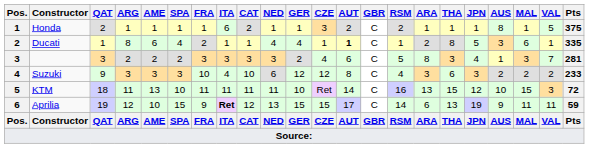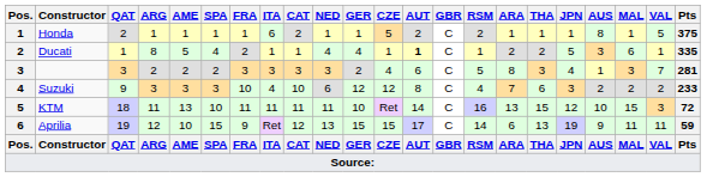 <table class="wikitable" style="font-size: 85%; text-align:center">
 <tr valign="top">
 <th valign="middle">Pos.</th>
 <th valign="middle">Constructor</th>
 <th><a href='#'>QAT</a><br></th>
 <th><a href='#'>ARG</a><br></th>
 <th><a href='#'>AME</a><br></th>
 <th><a href='#'>SPA</a><br></th>
 <th><a href='#'>FRA</a><br></th>
 <th><a href='#'>ITA</a><br></th>
 <th><a href='#'>CAT</a><br></th>
 <th><a href='#'>NED</a><br></th>
 <th><a href='#'>GER</a><br></th>
 <th><a href='#'>CZE</a><br></th>
 <th><a href='#'>AUT</a><br></th>
 <th><a href='#'>GBR</a><br></th>
 <th><a href='#'>RSM</a><br></th>
 <th><a href='#'>ARA</a><br></th>
 <th><a href='#'>THA</a><br></th>
 <th><a href='#'>JPN</a><br></th>
 <th><a href='#'>AUS</a><br></th>
 <th><a href='#'>MAL</a><br></th>
 <th><a href='#'>VAL</a><br></th>
 <th valign="middle">Pts</th>
 </tr>
 <tr>
 <th>1</th>
 <td align="left"> <a href='#'>Honda</a></td>
 <td style="background:#dfdfdf;">2</td>
 <td style="background:#ffffbf;">1</td>
 <td style="background:#ffffbf;">1</td>
 <td style="background:#ffffbf;">1</td>
 <td style="background:#ffffbf;">1</td>
 <td style="background:#dfffdf;">6</td>
 <td style="background:#dfdfdf;:">2</td>
 <td style="background:#ffffbf;">1</td>
 <td style="background:#ffffbf;">1</td>
-<td style="background:#ffdf9f;">3</td>
+<td style="background:#ffdf9f;">5</td>
 <td style="background:#dfdfdf;:">2</td>
 <td style="background:#ffffff;">C</td>
 <td style="background:#dfdfdf;">2</td>
 <td style="background:#ffffbf;">1</td>
 <td style="background:#ffffbf;">1</td>
 <td style="background:#ffffbf;">1</td>
 <td style="background:#dfffdf;">8</td>
 <td style="background:#ffffbf;">1</td>
 <td style="background:#dfffdf;">5</td>
 <th>375</th>
 </tr>
 <tr>
 <th>2</th>
 <td align="left"> <a href='#'>Ducati</a></td>
 <td style="background:#ffffbf;">1</td>
 <td style="background:#dfffdf;">8</td>
-<td style="background:#dfffdf;">6</td>
+<td style="background:#dfffdf;">5</td>
 <td style="background:#dfffdf;">4</td>
 <td style="background:#dfdfdf;">2</td>
 <td style="background:#ffffbf;">1</td>
 <td style="background:#ffffbf;">1</td>
 <td style="background:#dfffdf;">4</td>
 <td style="background:#dfffdf;">4</td>
 <td style="background:#ffffbf;">1</td>
 <td style="background:#ffffbf;"><strong>1</strong></td>
 <td style="background:#ffffff;">C</td>
 <td style="background:#ffffbf;">1</td>
 <td style="background:#dfdfdf;">2</td>
-<td style="background:#dfdfdf;">8</td>
+<td style="background:#dfdfdf;">2</td>
 <td style="background:#dfffdf;">5</td>
 <td style="background:#ffdf9f;">3</td>
 <td style="background:#dfffdf;">6</td>
 <td style="background:#ffffbf;">1</td>
 <th>335</th>
 </tr>
 <tr>
 <th>3</th>
 <td align="left"></td>
 <td style="background:#ffdf9f;">3</td>
 <td style="background:#dfdfdf;">2</td>
 <td style="background:#dfdfdf;">2</td>
 <td style="background:#dfdfdf;">2</td>
 <td style="background:#ffdf9f;">3</td>
 <td style="background:#ffdf9f;">3</td>
 <td style="background:#ffdf9f;">3</td>
 <td style="background:#ffdf9f;">3</td>
 <td style="background:#dfdfdf;">2</td>
 <td style="background:#dfffdf;">4</td>
 <td style="background:#dfffdf;">6</td>
 <td style="background:#ffffff;">C</td>
 <td style="background:#dfffdf;">5</td>
 <td style="background:#dfffdf;">8</td>
 <td style="background:#ffdf9f;">3</td>
 <td style="background:#dfffdf;">4</td>
 <td style="background:#ffffbf;">1</td>
 <td style="background:#ffdf9f;">3</td>
 <td style="background:#dfffdf;">7</td>
 <th>281</th>
 </tr>
 <tr>
 <th>4</th>
 <td align="left"> <a href='#'>Suzuki</a></td>
 <td style="background:#dfffdf;">9</td>
 <td style="background:#ffdf9f;">3</td>
 <td style="background:#ffdf9f;">3</td>
 <td style="background:#ffdf9f;">3</td>
 <td style="background:#dfffdf;">10</td>
 <td style="background:#dfffdf;">4</td>
 <td style="background:#dfffdf;">10</td>
 <td style="background:#dfdfdf;">6</td>
 <td style="background:#dfffdf;">12</td>
 <td style="background:#dfffdf;">12</td>
 <td style="background:#dfffdf;">8</td>
 <td style="background:#ffffff;">C</td>
 <td style="background:#dfffdf;">4</td>
-<td style="background:#ffdf9f;">3</td>
+<td style="background:#ffdf9f;">7</td>
 <td style="background:#dfffdf;">6</td>
 <td style="background:#ffdf9f;">3</td>
 <td style="background:#dfdfdf;">2</td>
 <td style="background:#dfdfdf;">2</td>
 <td style="background:#dfdfdf;">2</td>
 <th>233</th>
 </tr>
 <tr>
 <th>5</th>
 <td align="left"> <a href='#'>KTM</a></td>
 <td style="background:#cfcfff;">18</td>
 <td style="background:#dfffdf;">11</td>
 <td style="background:#dfffdf;">13</td>
 <td style="background:#dfffdf;">10</td>
 <td style="background:#dfffdf;">11</td>
 <td style="background:#dfffdf;">11</td>
 <td style="background:#dfffdf;">11</td>
 <td style="background:#dfffdf;">11</td>
 <td style="background:#dfffdf;">10</td>
 <td style="background:#efcfff;">Ret</td>
 <td style="background:#dfffdf;">14</td>
 <td style="background:#ffffff;">C</td>
 <td style="background:#cfcfff;">16</td>
 <td style="background:#dfffdf;">13</td>
 <td style="background:#dfffdf;">15</td>
 <td style="background:#dfffdf;">12</td>
 <td style="background:#dfffdf;">10</td>
 <td style="background:#dfffdf;">15</td>
 <td style="background:#ffdf9f;">3</td>
 <th>72</th>
 </tr>
 <tr>
 <th>6</th>
 <td align="left"> <a href='#'>Aprilia</a></td>
 <td style="background:#cfcfff;">19</td>
 <td style="background:#dfffdf;">12</td>
 <td style="background:#dfffdf;">10</td>
 <td style="background:#dfffdf;">15</td>
 <td style="background:#dfffdf;">9</td>
-<td style="background:#efcfff;"><strong>Ret</strong></td>
+<td style="background:#efcfff;">Ret</td>
 <td style="background:#dfffdf;">12</td>
 <td style="background:#dfffdf;">13</td>
 <td style="background:#dfffdf;">15</td>
 <td style="background:#dfffdf;">15</td>
 <td style="background:#cfcfff;">17</td>
 <td style="background:#ffffff;">C</td>
 <td style="background:#dfffdf;">14</td>
 <td style="background:#dfffdf;">6</td>
 <td style="background:#dfffdf;">13</td>
 <td style="background:#cfcfff;">19</td>
 <td style="background:#dfffdf;">9</td>
 <td style="background:#dfffdf;">11</td>
 <td style="background:#dfffdf;">11</td>
 <th>59</th>
 </tr>
 <tr valign="top">
 <th valign="middle">Pos.</th>
 <th valign="middle">Constructor</th>
 <th><a href='#'>QAT</a><br></th>
 <th><a href='#'>ARG</a><br></th>
 <th><a href='#'>AME</a><br></th>
 <th><a href='#'>SPA</a><br></th>
 <th><a href='#'>FRA</a><br></th>
 <th><a href='#'>ITA</a><br></th>
 <th><a href='#'>CAT</a><br></th>
 <th><a href='#'>NED</a><br></th>
 <th><a href='#'>GER</a><br></th>
 <th><a href='#'>CZE</a><br></th>
 <th><a href='#'>AUT</a><br></th>
 <th><a href='#'>GBR</a><br></th>
 <th><a href='#'>RSM</a><br></th>
 <th><a href='#'>ARA</a><br></th>
 <th><a href='#'>THA</a><br></th>
 <th><a href='#'>JPN</a><br></th>
 <th><a href='#'>AUS</a><br></th>
 <th><a href='#'>MAL</a><br></th>
 <th><a href='#'>VAL</a><br></th>
 <th valign="middle">Pts</th>
 </tr>
 <tr>
 <td colspan="22" style="background-color:#EAECF0;text-align:center"><strong>Source:</strong></td>
 </tr>
 </table>
